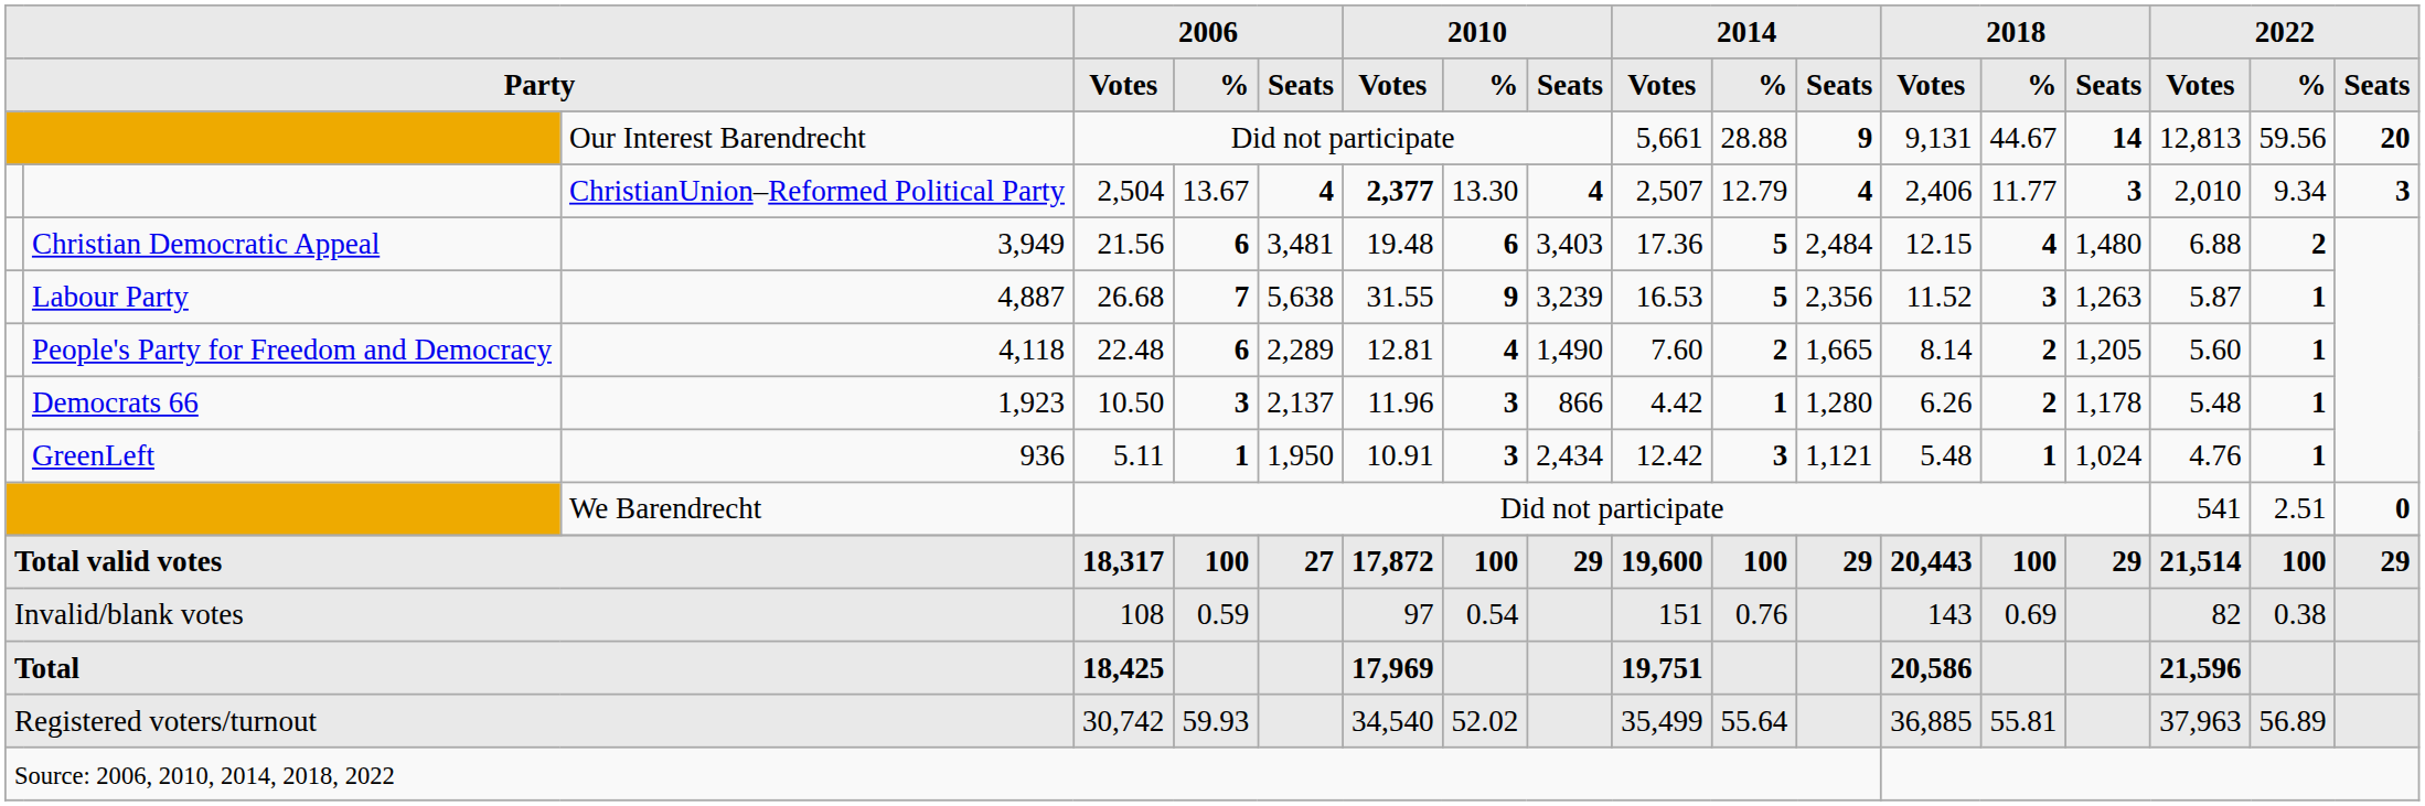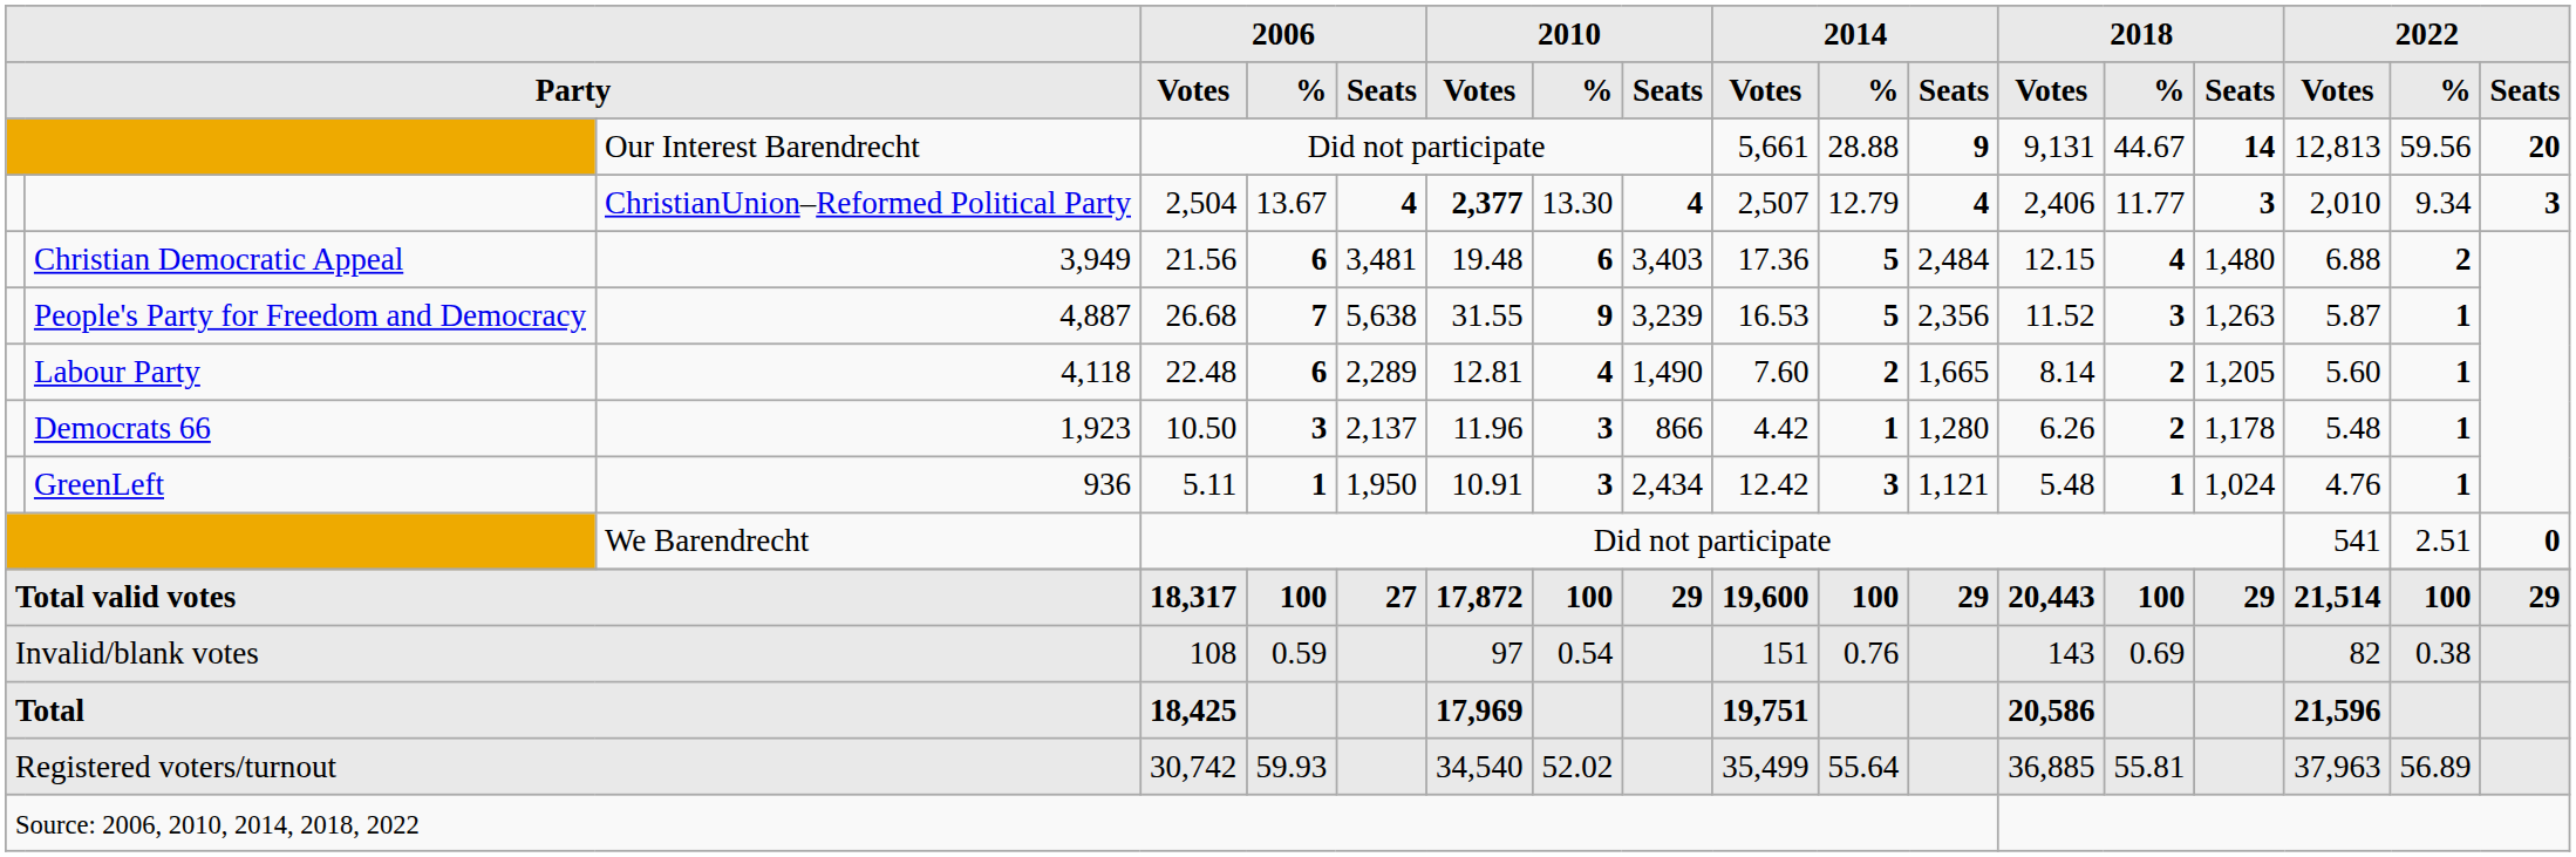 <table border="1" cellpadding="4" cellspacing="1" style="margin: 1em 1em 1em 0; background: #f9f9f9; border: 1px #aaa solid; text-align:right; border-collapse: collapse; font-size: 95%; ">
 <tr>
 <th style="background-color:#E9E9E9" align=center colspan=3></th>
 <th style="background-color:#E9E9E9" align=center colspan=3>2006</th>
 <th style="background-color:#E9E9E9" align=center colspan=3>2010</th>
 <th style="background-color:#E9E9E9" align=center colspan=3>2014</th>
 <th style="background-color:#E9E9E9" align=center colspan=3>2018</th>
 <th style="background-color:#E9E9E9" align=center colspan=3>2022</th>
 </tr>
 <tr>
 <th style="background-color:#E9E9E9" align=center colspan=3>Party</th>
 <th style="background-color:#E9E9E9" align=center>Votes</th>
 <th style="background-color:#E9E9E9" align=right>%</th>
 <th style="background-color:#E9E9E9" align=right>Seats</th>
 <th style="background-color:#E9E9E9" align=center>Votes</th>
 <th style="background-color:#E9E9E9" align=right>%</th>
 <th style="background-color:#E9E9E9" align=right>Seats</th>
 <th style="background-color:#E9E9E9" align=center>Votes</th>
 <th style="background-color:#E9E9E9" align=right>%</th>
 <th style="background-color:#E9E9E9" align=right>Seats</th>
 <th style="background-color:#E9E9E9" align=center>Votes</th>
 <th style="background-color:#E9E9E9" align=right>%</th>
 <th style="background-color:#E9E9E9" align=right>Seats</th>
 <th style="background-color:#E9E9E9" align=center>Votes</th>
 <th style="background-color:#E9E9E9" align=right>%</th>
 <th style="background-color:#E9E9E9" align=right>Seats</th>
 </tr>
 <tr>
 <td bgcolor=#eeaa00 colspan=2 width=2></td>
 <td align=left>Our Interest Barendrecht</td>
 <td colspan=6 align=center>Did not participate</td>
 <td>5,661</td>
 <td>28.88</td>
 <td><strong>9</strong></td>
 <td>9,131</td>
 <td>44.67</td>
 <td><strong>14</strong></td>
 <td>12,813</td>
 <td>59.56</td>
 <td><strong>20</strong></td>
 </tr>
 <tr>
 <td></td>
 <td></td>
 <td align=left><a href='#'>ChristianUnion</a>–<a href='#'>Reformed Political Party</a></td>
 <td>2,504</td>
 <td>13.67</td>
 <td><strong>4</strong></td>
 <td><strong>2,377</strong></td>
 <td>13.30</td>
 <td><strong>4</strong></td>
 <td>2,507</td>
 <td>12.79</td>
 <td><strong>4</strong></td>
 <td>2,406</td>
 <td>11.77</td>
 <td><strong>3</strong></td>
 <td>2,010</td>
 <td>9.34</td>
 <td><strong>3</strong></td>
 </tr>
 <tr>
 <td></td>
 <td align=left><a href='#'>Christian Democratic Appeal</a></td>
 <td>3,949</td>
 <td>21.56</td>
 <td><strong>6</strong></td>
 <td>3,481</td>
 <td>19.48</td>
 <td><strong>6</strong></td>
 <td>3,403</td>
 <td>17.36</td>
 <td><strong>5</strong></td>
 <td>2,484</td>
 <td>12.15</td>
 <td><strong>4</strong></td>
 <td>1,480</td>
 <td>6.88</td>
 <td><strong>2</strong></td>
 </tr>
 <tr>
 <td></td>
-<td align=left><a href='#'>Labour Party</a></td>
+<td align=left><a href='#'>People's Party for Freedom and Democracy</a></td>
 <td>4,887</td>
 <td>26.68</td>
 <td><strong>7</strong></td>
 <td>5,638</td>
 <td>31.55</td>
 <td><strong>9</strong></td>
 <td>3,239</td>
 <td>16.53</td>
 <td><strong>5</strong></td>
 <td>2,356</td>
 <td>11.52</td>
 <td><strong>3</strong></td>
 <td>1,263</td>
 <td>5.87</td>
 <td><strong>1</strong></td>
 </tr>
 <tr>
 <td></td>
-<td align=left><a href='#'>People's Party for Freedom and Democracy</a></td>
+<td align=left><a href='#'>Labour Party</a></td>
 <td>4,118</td>
 <td>22.48</td>
 <td><strong>6</strong></td>
 <td>2,289</td>
 <td>12.81</td>
 <td><strong>4</strong></td>
 <td>1,490</td>
 <td>7.60</td>
 <td><strong>2</strong></td>
 <td>1,665</td>
 <td>8.14</td>
 <td><strong>2</strong></td>
 <td>1,205</td>
 <td>5.60</td>
 <td><strong>1</strong></td>
 </tr>
 <tr>
 <td></td>
 <td align=left><a href='#'>Democrats 66</a></td>
 <td>1,923</td>
 <td>10.50</td>
 <td><strong>3</strong></td>
 <td>2,137</td>
 <td>11.96</td>
 <td><strong>3</strong></td>
 <td>866</td>
 <td>4.42</td>
 <td><strong>1</strong></td>
 <td>1,280</td>
 <td>6.26</td>
 <td><strong>2</strong></td>
 <td>1,178</td>
 <td>5.48</td>
 <td><strong>1</strong></td>
 </tr>
 <tr>
 <td></td>
 <td align=left><a href='#'>GreenLeft</a></td>
 <td>936</td>
 <td>5.11</td>
 <td><strong>1</strong></td>
 <td>1,950</td>
 <td>10.91</td>
 <td><strong>3</strong></td>
 <td>2,434</td>
 <td>12.42</td>
 <td><strong>3</strong></td>
 <td>1,121</td>
 <td>5.48</td>
 <td><strong>1</strong></td>
 <td>1,024</td>
 <td>4.76</td>
 <td><strong>1</strong></td>
 </tr>
 <tr>
 <td bgcolor=#eeaa00 colspan=2 width=2></td>
 <td align=left>We Barendrecht</td>
 <td colspan=12 align=center>Did not participate</td>
 <td>541</td>
 <td>2.51</td>
 <td><strong>0</strong></td>
 </tr>
 <tr>
 </tr>
 <tr style="background-color:#E9E9E9">
 <td align=left colspan=3><strong>Total valid votes</strong></td>
 <td><strong>18,317</strong></td>
 <td><strong>100</strong></td>
 <td><strong>27</strong></td>
 <td><strong>17,872</strong></td>
 <td><strong>100</strong></td>
 <td><strong>29</strong></td>
 <td><strong>19,600</strong></td>
 <td><strong>100</strong></td>
 <td><strong>29</strong></td>
 <td><strong>20,443</strong></td>
 <td><strong>100</strong></td>
 <td><strong>29</strong></td>
 <td><strong>21,514</strong></td>
 <td><strong>100</strong></td>
 <td><strong>29</strong></td>
 </tr>
 <tr style="background-color:#E9E9E9">
 <td align=left colspan=3>Invalid/blank votes</td>
 <td>108</td>
 <td>0.59</td>
 <td></td>
 <td>97</td>
 <td>0.54</td>
 <td></td>
 <td>151</td>
 <td>0.76</td>
 <td></td>
 <td>143</td>
 <td>0.69</td>
 <td></td>
 <td>82</td>
 <td>0.38</td>
 <td></td>
 </tr>
 <tr style="background-color:#E9E9E9">
 <td align=left colspan=3><strong>Total</strong></td>
 <td><strong>18,425</strong></td>
 <td></td>
 <td></td>
 <td><strong>17,969</strong></td>
 <td></td>
 <td></td>
 <td><strong>19,751</strong></td>
 <td></td>
 <td></td>
 <td><strong>20,586</strong></td>
 <td></td>
 <td></td>
 <td><strong>21,596</strong></td>
 <td></td>
 <td></td>
 </tr>
 <tr style="background-color:#E9E9E9">
 <td align=left colspan=3>Registered voters/turnout</td>
 <td>30,742</td>
 <td>59.93</td>
 <td></td>
 <td>34,540</td>
 <td>52.02</td>
 <td></td>
 <td>35,499</td>
 <td>55.64</td>
 <td></td>
 <td>36,885</td>
 <td>55.81</td>
 <td></td>
 <td>37,963</td>
 <td>56.89</td>
 <td></td>
 </tr>
 <tr>
 <td align=left colspan=12><small>Source: 2006, 2010, 2014,  2018, 2022 </small></td>
 </tr>
 </table>
